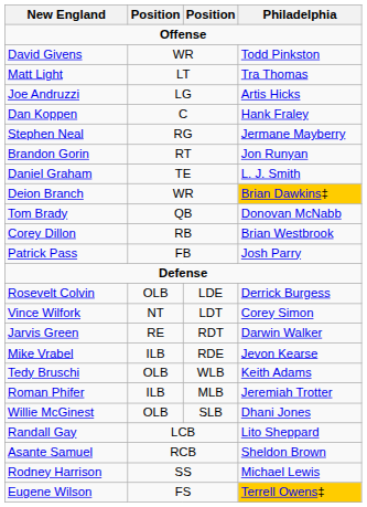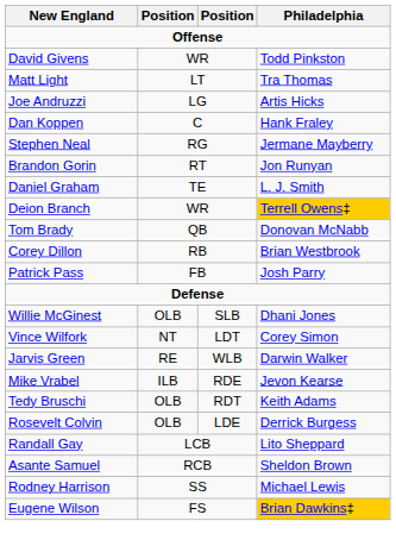 <table class="wikitable">
 <tr>
 <th width="150px">New England</th>
 <th>Position</th>
 <th>Position</th>
 <th width="150px">Philadelphia</th>
 </tr>
 <tr>
 <td colspan="4" style="text-align:center;"><strong>Offense</strong></td>
 </tr>
 <tr>
 <td><a href='#'>David Givens</a></td>
 <td colspan="2" style="text-align:center">WR</td>
 <td><a href='#'>Todd Pinkston</a></td>
 </tr>
 <tr>
 <td><a href='#'>Matt Light</a></td>
 <td colspan="2" style="text-align:center">LT</td>
 <td><a href='#'>Tra Thomas</a></td>
 </tr>
 <tr>
 <td><a href='#'>Joe Andruzzi</a></td>
 <td colspan="2" style="text-align:center">LG</td>
 <td><a href='#'>Artis Hicks</a></td>
 </tr>
 <tr>
 <td><a href='#'>Dan Koppen</a></td>
 <td colspan="2" style="text-align:center">C</td>
 <td><a href='#'>Hank Fraley</a></td>
 </tr>
 <tr>
 <td><a href='#'>Stephen Neal</a></td>
 <td colspan="2" style="text-align:center">RG</td>
 <td><a href='#'>Jermane Mayberry</a></td>
 </tr>
 <tr>
 <td><a href='#'>Brandon Gorin</a></td>
 <td colspan="2" style="text-align:center">RT</td>
 <td><a href='#'>Jon Runyan</a></td>
 </tr>
 <tr>
 <td><a href='#'>Daniel Graham</a></td>
 <td colspan="2" style="text-align:center">TE</td>
 <td><a href='#'>L. J. Smith</a></td>
 </tr>
 <tr>
 <td><a href='#'>Deion Branch</a></td>
 <td colspan="2" style="text-align:center">WR</td>
-<td bgcolor="#FFCC00"><a href='#'>Brian Dawkins</a>‡</td>
+<td bgcolor="#FFCC00"><a href='#'>Terrell Owens</a>‡</td>
 </tr>
 <tr>
 <td><a href='#'>Tom Brady</a></td>
 <td colspan="2" style="text-align:center">QB</td>
 <td><a href='#'>Donovan McNabb</a></td>
 </tr>
 <tr>
 <td><a href='#'>Corey Dillon</a></td>
 <td colspan="2" style="text-align:center">RB</td>
 <td><a href='#'>Brian Westbrook</a></td>
 </tr>
 <tr>
 <td><a href='#'>Patrick Pass</a></td>
 <td colspan="2" style="text-align:center">FB</td>
 <td><a href='#'>Josh Parry</a></td>
 </tr>
 <tr>
 <td colspan="4" style="text-align:center"><strong>Defense</strong></td>
 </tr>
 <tr>
-<td><a href='#'>Rosevelt Colvin</a></td>
+<td><a href='#'>Willie McGinest</a></td>
 <td style="text-align:center">OLB</td>
-<td style="text-align:center">LDE</td>
-<td><a href='#'>Derrick Burgess</a></td>
+<td style="text-align:center">SLB</td>
+<td><a href='#'>Dhani Jones</a></td>
 </tr>
 <tr>
 <td><a href='#'>Vince Wilfork</a></td>
 <td style="text-align:center">NT</td>
 <td style="text-align:center">LDT</td>
 <td><a href='#'>Corey Simon</a></td>
 </tr>
 <tr>
 <td><a href='#'>Jarvis Green</a></td>
 <td style="text-align:center">RE</td>
-<td style="text-align:center">RDT</td>
+<td style="text-align:center">WLB</td>
 <td><a href='#'>Darwin Walker</a></td>
 </tr>
 <tr>
 <td><a href='#'>Mike Vrabel</a></td>
 <td style="text-align:center">ILB</td>
 <td style="text-align:center">RDE</td>
 <td><a href='#'>Jevon Kearse</a></td>
 </tr>
 <tr>
 <td><a href='#'>Tedy Bruschi</a></td>
 <td style="text-align:center">OLB</td>
-<td style="text-align:center">WLB</td>
+<td style="text-align:center">RDT</td>
 <td><a href='#'>Keith Adams</a></td>
 </tr>
 <tr>
-<td><a href='#'>Roman Phifer</a></td>
-<td style="text-align:center">ILB</td>
-<td style="text-align:center">MLB</td>
-<td><a href='#'>Jeremiah Trotter</a></td>
-</tr>
-<tr>
-<td><a href='#'>Willie McGinest</a></td>
+<td><a href='#'>Rosevelt Colvin</a></td>
 <td style="text-align:center">OLB</td>
-<td style="text-align:center">SLB</td>
-<td><a href='#'>Dhani Jones</a></td>
+<td style="text-align:center">LDE</td>
+<td><a href='#'>Derrick Burgess</a></td>
 </tr>
 <tr>
 <td><a href='#'>Randall Gay</a></td>
 <td colspan="2" style="text-align:center">LCB</td>
 <td><a href='#'>Lito Sheppard</a></td>
 </tr>
 <tr>
 <td><a href='#'>Asante Samuel</a></td>
 <td colspan="2" style="text-align:center">RCB</td>
 <td><a href='#'>Sheldon Brown</a></td>
 </tr>
 <tr>
 <td><a href='#'>Rodney Harrison</a></td>
 <td colspan="2" style="text-align:center">SS</td>
 <td><a href='#'>Michael Lewis</a></td>
 </tr>
 <tr>
 <td><a href='#'>Eugene Wilson</a></td>
 <td colspan="2" style="text-align:center">FS</td>
-<td bgcolor="#FFCC00"><a href='#'>Terrell Owens</a>‡</td>
+<td bgcolor="#FFCC00"><a href='#'>Brian Dawkins</a>‡</td>
 </tr>
 </table>
